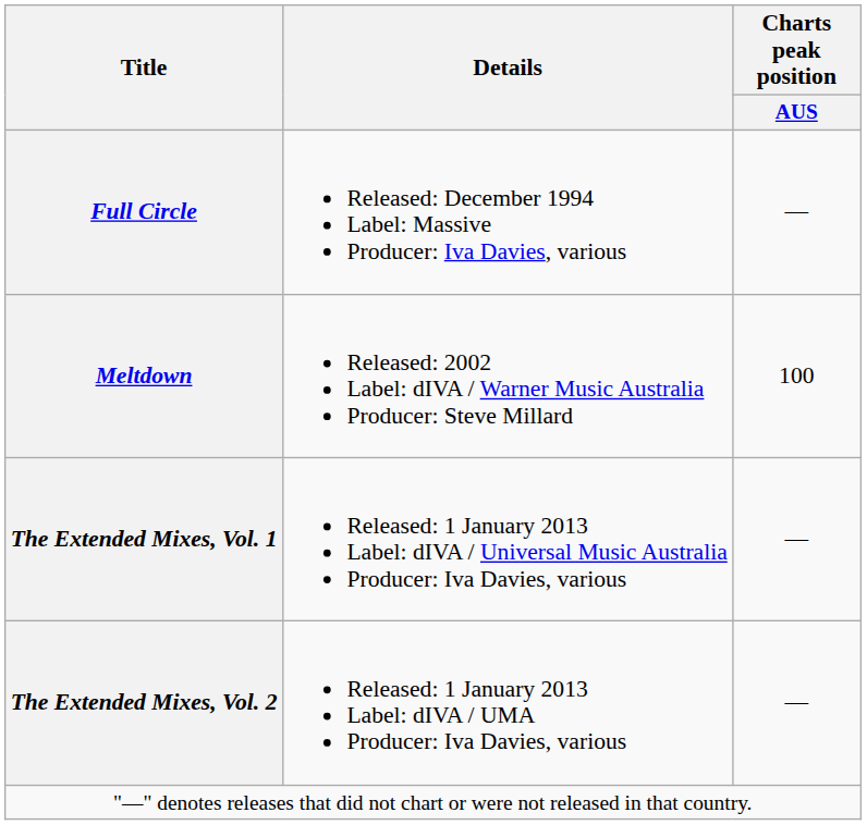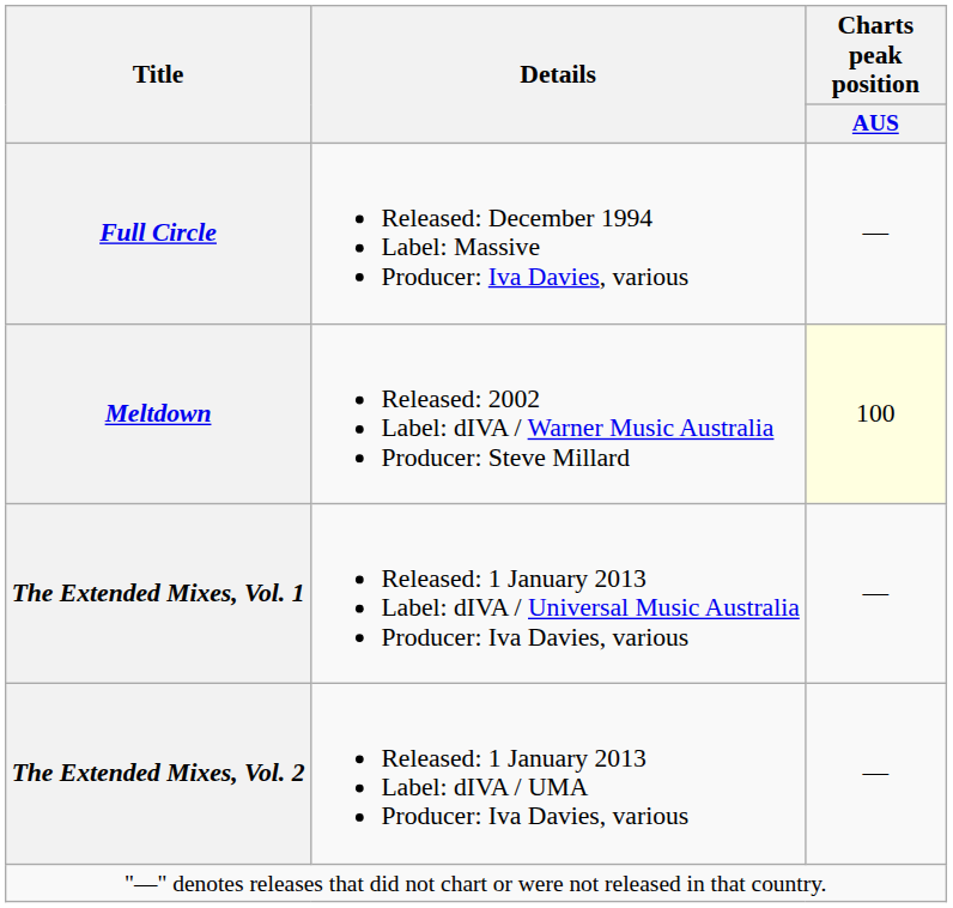 <table class="wikitable plainrowheaders">
 <tr>
 <th scope="col" rowspan="2">Title</th>
 <th scope="col" rowspan="2">Details</th>
 <th scope="col" rowspan="1">Charts peak position</th>
 </tr>
 <tr>
 <th style="width:80px; font-size:90%;"><a href='#'>AUS</a><br></th>
 </tr>
 <tr>
 <th scope="row"><em><a href='#'>Full Circle</a></em></th>
 <td><br><ul><li>Released: December 1994</li><li>Label: Massive</li><li>Producer: <a href='#'>Iva Davies</a>, various</li></ul></td>
 <td style="text-align:center;">—</td>
 </tr>
 <tr>
 <th scope="row"><em><a href='#'>Meltdown</a></em></th>
 <td><br><ul><li>Released: 2002</li><li>Label: dIVA / <a href='#'>Warner Music Australia</a></li><li>Producer: Steve Millard</li></ul></td>
-<td style="text-align:center;">100</td>
+<td style="background: lightyellow; text-align:center;">100</td>
 </tr>
 <tr>
 <th scope="row"><em>The Extended Mixes, Vol. 1</em></th>
 <td><br><ul><li>Released: 1 January 2013</li><li>Label: dIVA / <a href='#'>Universal Music Australia</a></li><li>Producer: Iva Davies, various</li></ul></td>
 <td style="text-align:center;">—</td>
 </tr>
 <tr>
 <th scope="row"><em>The Extended Mixes, Vol. 2</em></th>
 <td><br><ul><li>Released: 1 January 2013</li><li>Label: dIVA / UMA</li><li>Producer: Iva Davies, various</li></ul></td>
 <td style="text-align:center;">—</td>
 </tr>
 <tr>
 <td align="center" colspan="5" style="font-size: 90%">"—" denotes releases that did not chart or were not released in that country.</td>
 </tr>
 </table>
